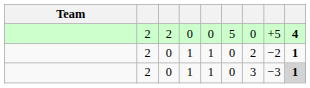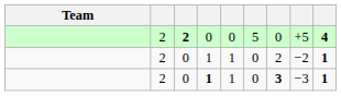 <table class="wikitable" style="text-align:center">
 <tr>
 <th width=165>Team</th>
 <th width=20></th>
 <th width=20></th>
 <th width=20></th>
 <th width=20></th>
 <th width=20></th>
 <th width=20></th>
 <th width=20></th>
 <th width=20></th>
 </tr>
 <tr bgcolor=ccffcc>
 <td align=left></td>
 <td>2</td>
-<td>2</td>
+<td><strong>2</strong></td>
 <td>0</td>
 <td>0</td>
 <td>5</td>
 <td>0</td>
 <td>+5</td>
 <td><strong>4</strong></td>
 </tr>
 <tr>
 <td align=left></td>
 <td>2</td>
 <td>0</td>
 <td>1</td>
 <td>1</td>
 <td>0</td>
 <td>2</td>
 <td>−2</td>
 <td><strong>1</strong></td>
 </tr>
 <tr>
 <td align=left></td>
 <td>2</td>
 <td>0</td>
-<td>1</td>
+<td><strong>1</strong></td>
 <td>1</td>
 <td>0</td>
-<td>3</td>
+<td><strong>3</strong></td>
 <td>−3</td>
-<td style="background: lightgrey;"><strong>1</strong></td>
+<td><strong>1</strong></td>
 </tr>
 </table>
